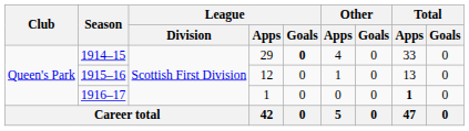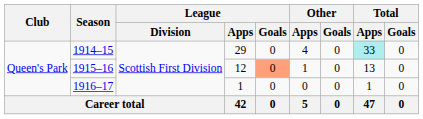 <table class="wikitable" style="text-align: center;">
 <tr>
 <th rowspan="2">Club</th>
 <th rowspan="2">Season</th>
 <th colspan="3">League</th>
 <th colspan="2">Other</th>
 <th colspan="2">Total</th>
 </tr>
 <tr>
 <th>Division</th>
 <th>Apps</th>
 <th>Goals</th>
 <th>Apps</th>
 <th>Goals</th>
 <th>Apps</th>
 <th>Goals</th>
 </tr>
 <tr>
 <td rowspan="3"><a href='#'>Queen's Park</a></td>
 <td><a href='#'>1914–15</a></td>
 <td rowspan="3"><a href='#'>Scottish First Division</a></td>
 <td>29</td>
-<td><strong>0</strong></td>
+<td>0</td>
 <td>4</td>
 <td>0</td>
-<td>33</td>
+<td style="background: paleturquoise;">33</td>
 <td>0</td>
 </tr>
 <tr>
 <td><a href='#'>1915–16</a></td>
 <td>12</td>
-<td>0</td>
+<td style="background: lightsalmon;">0</td>
 <td>1</td>
 <td>0</td>
 <td>13</td>
 <td>0</td>
 </tr>
 <tr>
 <td><a href='#'>1916–17</a></td>
 <td>1</td>
 <td>0</td>
 <td>0</td>
 <td>0</td>
-<td><strong>1</strong></td>
+<td>1</td>
 <td>0</td>
 </tr>
 <tr>
 <th colspan="3">Career total</th>
 <th>42</th>
 <th>0</th>
 <th>5</th>
 <th>0</th>
 <th>47</th>
 <th>0</th>
 </tr>
 </table>
